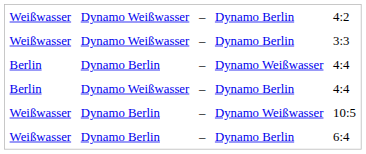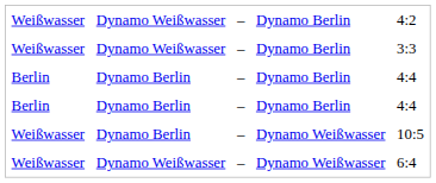 <table cellspacing="0" border="0" cellpadding="6" style="border:1px solid #bbb; background-color:#FFFFFF;">
 <tr>
 <td><a href='#'>Weißwasser</a></td>
 <td><a href='#'>Dynamo Weißwasser</a></td>
 <td>–</td>
 <td><a href='#'>Dynamo Berlin</a></td>
 <td>4:2</td>
 </tr>
 <tr>
 <td><a href='#'>Weißwasser</a></td>
 <td><a href='#'>Dynamo Weißwasser</a></td>
 <td>–</td>
 <td><a href='#'>Dynamo Berlin</a></td>
 <td>3:3</td>
 </tr>
 <tr>
 <td><a href='#'>Berlin</a></td>
 <td><a href='#'>Dynamo Berlin</a></td>
 <td>–</td>
-<td><a href='#'>Dynamo Weißwasser</a></td>
+<td><a href='#'>Dynamo Berlin</a></td>
 <td>4:4</td>
 </tr>
 <tr>
 <td><a href='#'>Berlin</a></td>
-<td><a href='#'>Dynamo Weißwasser</a></td>
+<td><a href='#'>Dynamo Berlin</a></td>
 <td>–</td>
 <td><a href='#'>Dynamo Berlin</a></td>
 <td>4:4</td>
 </tr>
 <tr>
 <td><a href='#'>Weißwasser</a></td>
 <td><a href='#'>Dynamo Berlin</a></td>
 <td>–</td>
 <td><a href='#'>Dynamo Weißwasser</a></td>
 <td>10:5</td>
 </tr>
 <tr>
 <td><a href='#'>Weißwasser</a></td>
-<td><a href='#'>Dynamo Berlin</a></td>
+<td><a href='#'>Dynamo Weißwasser</a></td>
 <td>–</td>
-<td><a href='#'>Dynamo Berlin</a></td>
+<td><a href='#'>Dynamo Weißwasser</a></td>
 <td>6:4</td>
 </tr>
 </table>
